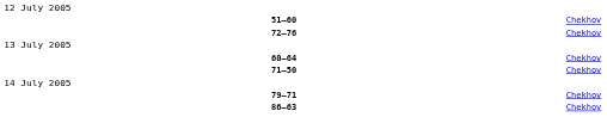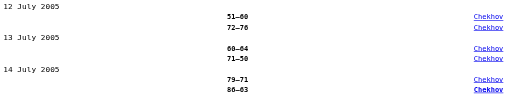 <table style="width:100%;" cellspacing="1">
 <tr>
 <th width=25%></th>
 <th width=3%></th>
 <th width=6%></th>
 <th width=3%></th>
 <th width=25%></th>
 </tr>
 <tr>
 <td>12 July 2005</td>
 </tr>
 <tr style=font-size:90%>
 <td align=right><strong></strong></td>
 <td></td>
 <td align=center><strong>51–60</strong></td>
 <td></td>
 <td><strong></strong></td>
 <td><a href='#'>Chekhov</a></td>
 </tr>
 <tr style=font-size:90%>
 <td align=right><strong></strong></td>
 <td></td>
 <td align=center><strong>72–76</strong></td>
 <td></td>
 <td><strong></strong></td>
 <td><a href='#'>Chekhov</a></td>
 </tr>
 <tr>
 <td>13 July 2005</td>
 </tr>
 <tr style=font-size:90%>
 <td align=right><strong></strong></td>
 <td></td>
 <td align=center><strong>60–64</strong></td>
 <td></td>
 <td><strong></strong></td>
 <td><a href='#'>Chekhov</a></td>
 </tr>
 <tr style=font-size:90%>
 <td align=right><strong></strong></td>
 <td></td>
 <td align=center><strong>71–50</strong></td>
 <td></td>
 <td><strong></strong></td>
 <td><a href='#'>Chekhov</a></td>
 </tr>
 <tr>
 <td>14 July 2005</td>
 </tr>
 <tr style=font-size:90%>
 <td align=right><strong></strong></td>
 <td></td>
 <td align=center><strong>79–71</strong></td>
 <td></td>
 <td><strong></strong></td>
 <td><a href='#'>Chekhov</a></td>
 </tr>
 <tr style=font-size:90%>
 <td align=right><strong></strong></td>
 <td></td>
 <td align=center><strong>86–63</strong></td>
 <td></td>
 <td><strong></strong></td>
-<td><a href='#'>Chekhov</a></td>
+<td><strong><a href='#'>Chekhov</a></strong></td>
 </tr>
 </table>
